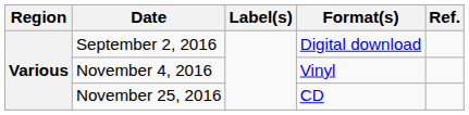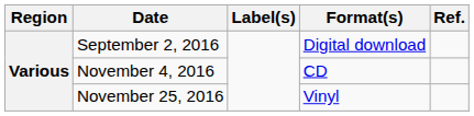 <table class="wikitable plainrowheaders">
 <tr>
 <th scope="col">Region</th>
 <th scope="col">Date</th>
 <th scope="col">Label(s)</th>
 <th scope="col">Format(s)</th>
 <th scope="col">Ref.</th>
 </tr>
 <tr>
 <th scope="row" rowspan="3">Various</th>
 <td>September 2, 2016</td>
 <td rowspan="3"></td>
 <td><a href='#'>Digital download</a></td>
 <td></td>
 </tr>
 <tr>
 <td>November 4, 2016</td>
-<td><a href='#'>Vinyl</a></td>
+<td><a href='#'>CD</a></td>
 <td></td>
 </tr>
 <tr>
 <td>November 25, 2016</td>
-<td><a href='#'>CD</a></td>
+<td><a href='#'>Vinyl</a></td>
 <td></td>
 </tr>
 </table>
